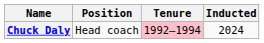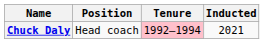 <table class="wikitable" style="text-align:center">
 <tr>
 <th scope="col">Name</th>
 <th scope="col">Position</th>
 <th scope="col">Tenure</th>
 <th scope="col">Inducted</th>
 </tr>
 <tr>
 <th scope="row"><a href='#'>Chuck Daly</a></th>
 <td>Head coach</td>
 <td style="background: pink;">1992–1994</td>
-<td>2024</td>
+<td>2021</td>
 </tr>
 </table>
